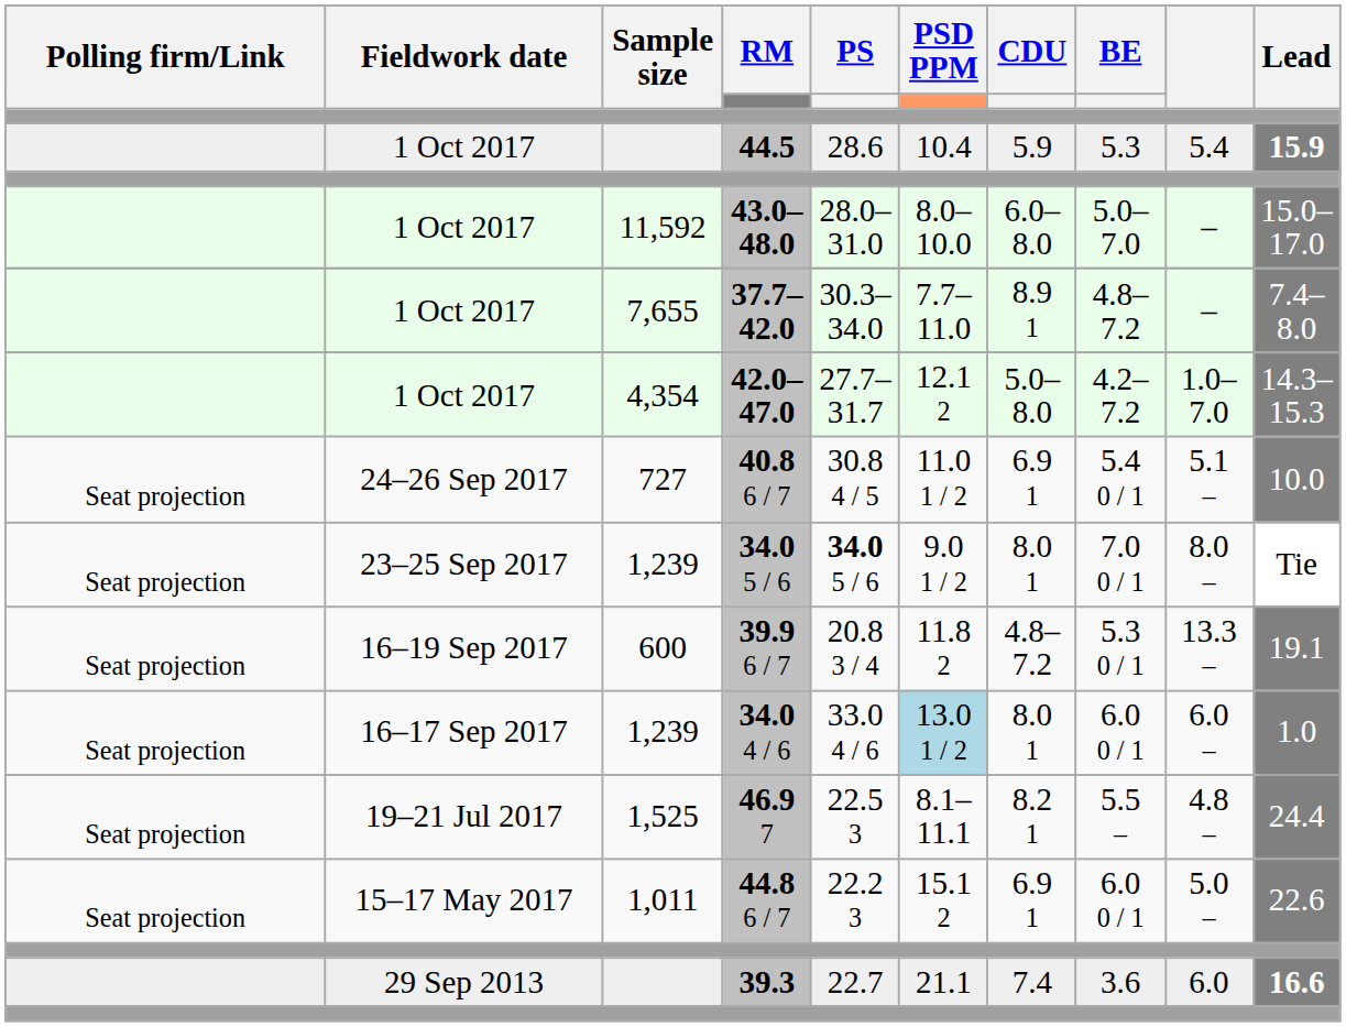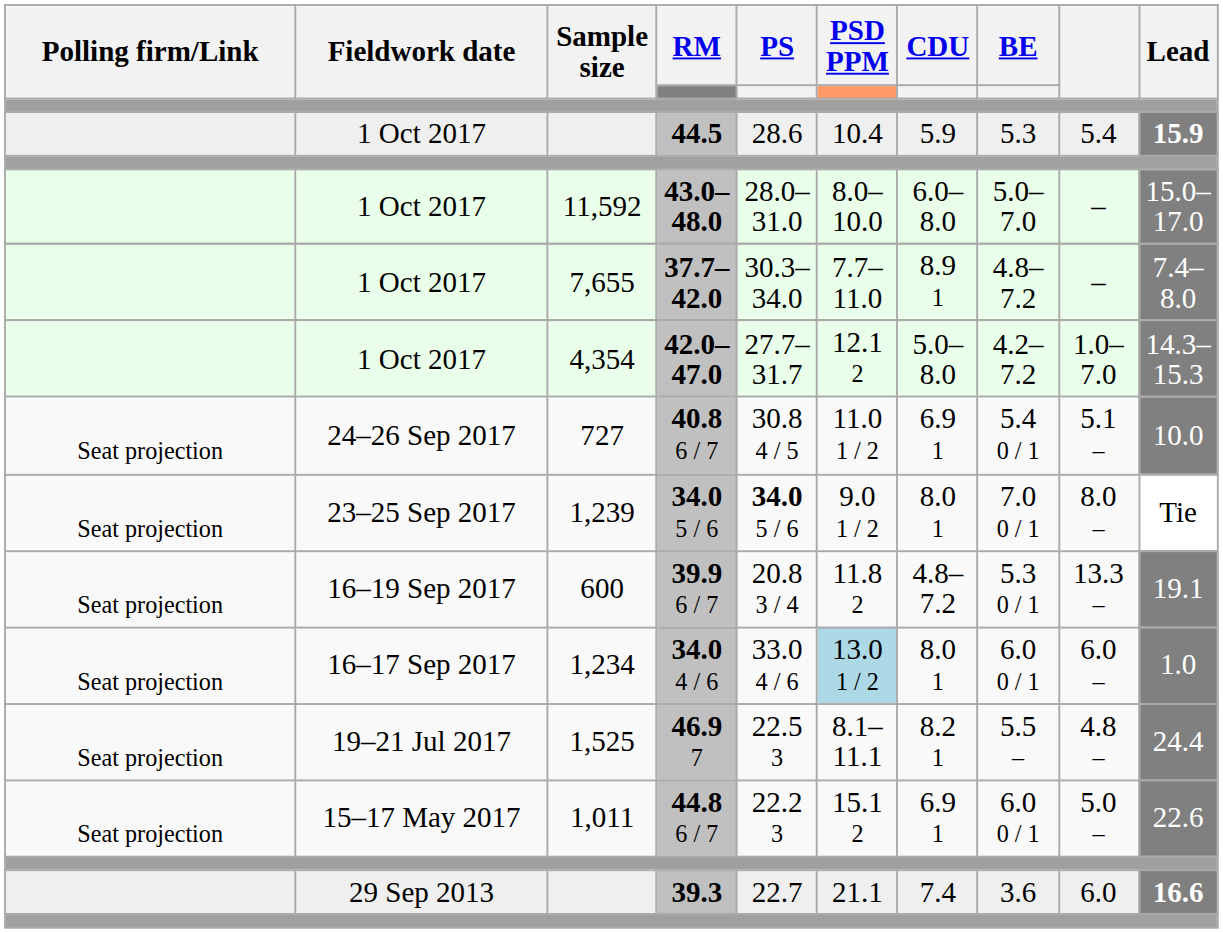 <table class="wikitable collapsible sortable" style="text-align:center; font-size:95%; line-height:16px;">
 <tr style="height:42px;">
 <th style="width:145px;" rowspan="2">Polling firm/Link</th>
 <th style="width:125px;" rowspan="2">Fieldwork date</th>
 <th class="unsortable" style="width:50px;" rowspan="2">Sample size</th>
 <th class="unsortable" style="width:35px;"><a href='#'>RM</a></th>
 <th class="unsortable" style="width:35px;"><a href='#'>PS</a></th>
 <th class="unsortable" style="width:35px;"><a href='#'>PSD</a><br><a href='#'>PPM</a></th>
 <th class="unsortable" style="width:35px;"><a href='#'>CDU</a></th>
 <th class="unsortable" style="width:35px;"><a href='#'>BE</a></th>
 <th class="unsortable" style="width:35px;" rowspan="2"></th>
 <th class="unsortable" style="width:30px;" rowspan="2">Lead</th>
 </tr>
 <tr>
 <th class="unsortable" style="color:inherit;background:#808080;"></th>
 <th class="unsortable" style="color:inherit;background:"></th>
 <th class="unsortable" style="color:inherit;background:#FF9966;"></th>
 <th class="unsortable" style="color:inherit;background:"></th>
 <th class="unsortable" style="color:inherit;background:"></th>
 </tr>
 <tr>
 <td colspan="11" style="background:#A0A0A0"></td>
 </tr>
 <tr style="background:#EFEFEF;">
 <td><strong></strong></td>
 <td data-sort-value="2019-10-06">1 Oct 2017</td>
 <td></td>
 <td style="background:#C0C0C0"><strong>44.5</strong><br></td>
 <td>28.6<br></td>
 <td>10.4<br></td>
 <td>5.9<br></td>
 <td>5.3<br></td>
 <td>5.4<br></td>
 <td style="background:#808080; color:white;"><strong>15.9</strong></td>
 </tr>
 <tr>
 <td colspan="11" style="background:#A0A0A0"></td>
 </tr>
 <tr>
 </tr>
 <tr style="background:#EAFFEA"|>
 <td></td>
 <td data-sort-value="2019-10-06">1 Oct 2017</td>
 <td>11,592</td>
 <td style="background:#C0C0C0"><strong>43.0–<br>48.0</strong><br></td>
 <td>28.0–<br>31.0<br></td>
 <td>8.0–<br>10.0<br></td>
 <td>6.0–<br>8.0<br></td>
 <td>5.0–<br>7.0<br></td>
 <td>–</td>
 <td style="background:#808080; color:white;">15.0–<br>17.0</td>
 </tr>
 <tr>
 </tr>
 <tr style="background:#EAFFEA"|>
 <td></td>
 <td data-sort-value="2019-10-06">1 Oct 2017</td>
 <td>7,655</td>
 <td style="background:#C0C0C0"><strong>37.7–<br>42.0</strong><br></td>
 <td>30.3–<br>34.0<br></td>
 <td>7.7–<br>11.0<br></td>
 <td align="center">8.9<br><small>1</small></td>
 <td>4.8–<br>7.2<br></td>
 <td>–</td>
 <td style="background:#808080; color:white;">7.4–<br>8.0</td>
 </tr>
 <tr>
 </tr>
 <tr style="background:#EAFFEA"|>
 <td></td>
 <td data-sort-value="2019-10-06">1 Oct 2017</td>
 <td>4,354</td>
 <td style="background:#C0C0C0"><strong>42.0–<br>47.0</strong><br></td>
 <td>27.7–<br>31.7<br></td>
 <td align="center">12.1<br><small>2</small></td>
 <td>5.0–<br>8.0<br></td>
 <td>4.2–<br>7.2<br></td>
 <td>1.0–<br>7.0<br></td>
 <td style="background:#808080; color:white;">14.3–<br>15.3</td>
 </tr>
 <tr>
 <td align="center"><br><small>Seat projection</small></td>
 <td align="center">24–26 Sep 2017</td>
 <td>727</td>
 <td style="background:#C0C0C0"><strong>40.8</strong><br><small>6 / 7</small></td>
 <td align="center">30.8<br><small>4 / 5</small></td>
 <td align="center">11.0<br><small>1 / 2</small></td>
 <td align="center">6.9<br><small>1</small></td>
 <td align="center">5.4<br><small>0 / 1</small></td>
 <td align="center">5.1<br><small>–</small></td>
 <td style="background:#808080; color:white;">10.0</td>
 </tr>
 <tr>
 <td align="center"><br><small>Seat projection</small></td>
 <td align="center">23–25 Sep 2017</td>
 <td>1,239</td>
 <td style="background:#C0C0C0"><strong>34.0</strong><br><small>5 / 6</small></td>
 <td><strong>34.0</strong><br><small>5 / 6</small></td>
 <td align="center">9.0<br><small>1 / 2</small></td>
 <td align="center">8.0<br><small>1</small></td>
 <td align="center">7.0<br><small>0 / 1</small></td>
 <td align="center">8.0<br><small>–</small></td>
 <td style="background:white; color:black;">Tie</td>
 </tr>
 <tr>
 <td align="center"><br><small>Seat projection</small></td>
 <td align="center">16–19 Sep 2017</td>
 <td>600</td>
 <td style="background:#C0C0C0"><strong>39.9</strong><br><small>6 / 7</small></td>
 <td align="center">20.8<br><small>3 / 4</small></td>
 <td align="center">11.8<br><small>2</small></td>
 <td>4.8–<br>7.2<br></td>
 <td align="center">5.3<br><small>0 / 1</small></td>
 <td align="center">13.3<br><small>–</small></td>
 <td style="background:#808080; color:white;">19.1</td>
 </tr>
 <tr>
 <td align="center"><br><small>Seat projection</small></td>
 <td align="center">16–17 Sep 2017</td>
-<td>1,239</td>
+<td>1,234</td>
 <td style="background:#C0C0C0"><strong>34.0</strong><br><small>4 / 6</small></td>
 <td align="center">33.0<br><small>4 / 6</small></td>
 <td align="center" style="background: lightblue;">13.0<br><small>1 / 2</small></td>
 <td align="center">8.0<br><small>1</small></td>
 <td align="center">6.0<br><small>0 / 1</small></td>
 <td align="center">6.0<br><small>–</small></td>
 <td style="background:#808080; color:white;">1.0</td>
 </tr>
 <tr>
 <td align="center"><br><small>Seat projection</small></td>
 <td align="center">19–21 Jul 2017</td>
 <td>1,525</td>
 <td style="background:#C0C0C0"><strong>46.9</strong><br><small>7</small></td>
 <td align="center">22.5<br><small>3</small></td>
 <td>8.1–<br>11.1<br></td>
 <td align="center">8.2<br><small>1</small></td>
 <td align="center">5.5<br><small>–</small></td>
 <td align="center">4.8<br><small>–</small></td>
 <td style="background:#808080; color:white;">24.4</td>
 </tr>
 <tr>
 <td align="center"><br><small>Seat projection</small></td>
 <td align="center">15–17 May 2017</td>
 <td>1,011</td>
 <td style="background:#C0C0C0"><strong>44.8</strong><br><small>6 / 7</small></td>
 <td align="center">22.2<br><small>3</small></td>
 <td align="center">15.1<br><small>2</small></td>
 <td align="center">6.9<br><small>1</small></td>
 <td align="center">6.0<br><small>0 / 1</small></td>
 <td align="center">5.0<br><small>–</small></td>
 <td style="background:#808080; color:white;">22.6</td>
 </tr>
 <tr>
 <td colspan="11" style="background:#A0A0A0"></td>
 </tr>
 <tr style="background:#EFEFEF;">
 <td><strong></strong></td>
 <td data-sort-value="2019-10-06">29 Sep 2013</td>
 <td></td>
 <td style="background:#C0C0C0"><strong>39.3</strong><br></td>
 <td>22.7<br></td>
 <td>21.1<br></td>
 <td>7.4<br></td>
 <td>3.6<br></td>
 <td>6.0<br></td>
 <td style="background:#808080; color:white;"><strong>16.6</strong></td>
 </tr>
 <tr>
 <td colspan="11" style="background:#A0A0A0"></td>
 </tr>
 </table>
